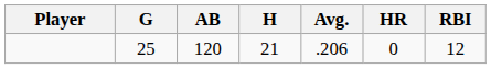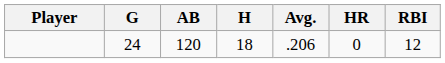 <table class="wikitable sortable">
 <tr>
 <th bgcolor="#DDDDFF" width="16%">Player</th>
 <th bgcolor="#DDDDFF" width="9%">G</th>
 <th bgcolor="#DDDDFF" width="9%">AB</th>
 <th bgcolor="#DDDDFF" width="9%">H</th>
 <th bgcolor="#DDDDFF" width="9%">Avg.</th>
 <th bgcolor="#DDDDFF" width="9%">HR</th>
 <th bgcolor="#DDDDFF" width="9%">RBI</th>
 </tr>
 <tr align="center">
 <td></td>
-<td>25</td>
+<td>24</td>
 <td>120</td>
-<td>21</td>
+<td>18</td>
 <td>.206</td>
 <td>0</td>
 <td>12</td>
 </tr>
 </table>
